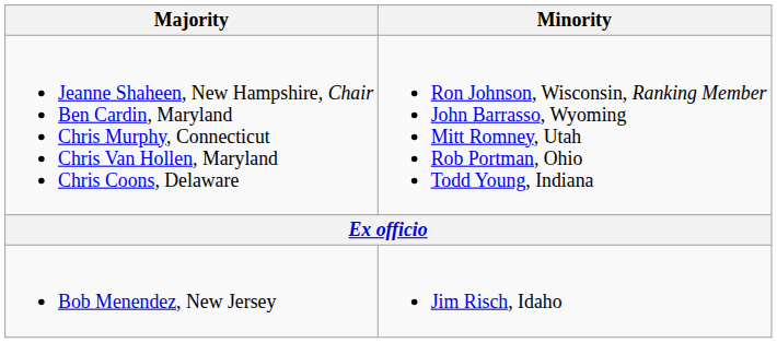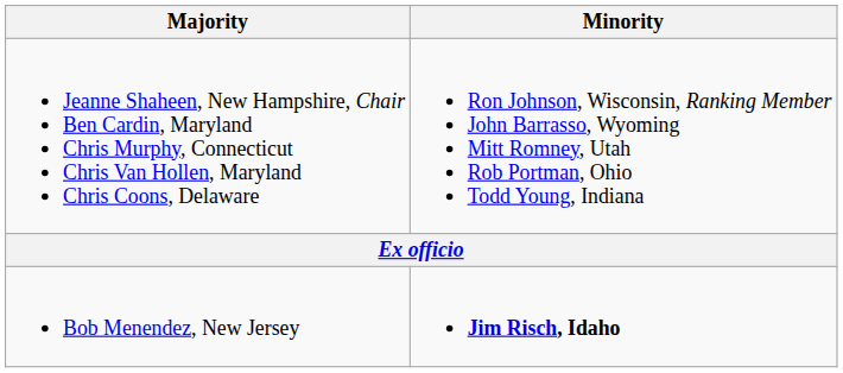 <table class=wikitable>
 <tr>
 <th>Majority</th>
 <th>Minority</th>
 </tr>
 <tr>
 <td><br><ul><li><a href='#'>Jeanne Shaheen</a>, New Hampshire, <em>Chair</em></li><li><a href='#'>Ben Cardin</a>, Maryland</li><li><a href='#'>Chris Murphy</a>, Connecticut</li><li><a href='#'>Chris Van Hollen</a>, Maryland</li><li><a href='#'>Chris Coons</a>, Delaware</li></ul></td>
 <td><br><ul><li><a href='#'>Ron Johnson</a>, Wisconsin, <em>Ranking Member</em></li><li><a href='#'>John Barrasso</a>, Wyoming</li><li><a href='#'>Mitt Romney</a>, Utah</li><li><a href='#'>Rob Portman</a>, Ohio</li><li><a href='#'>Todd Young</a>, Indiana</li></ul></td>
 </tr>
 <tr>
 <th colspan=2><em><a href='#'>Ex officio</a></em></th>
 </tr>
 <tr>
 <td><br><ul><li><a href='#'>Bob Menendez</a>, New Jersey</li></ul></td>
-<td><br><ul><li><a href='#'>Jim Risch</a>, Idaho</li></ul></td>
+<td><strong><br><ul><li><a href='#'>Jim Risch</a>, Idaho</li></ul></strong></td>
 </tr>
 </table>
